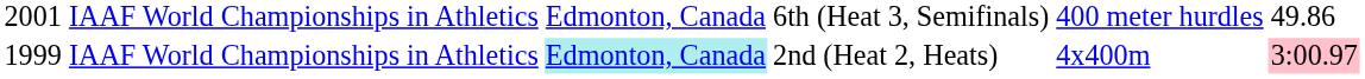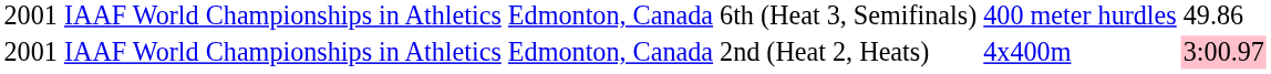 <table>
 <tr>
 <td>2001</td>
 <td><a href='#'>IAAF World Championships in Athletics</a></td>
 <td><a href='#'>Edmonton, Canada</a></td>
 <td>6th (Heat 3, Semifinals)</td>
 <td><a href='#'>400 meter hurdles</a></td>
 <td>49.86</td>
 </tr>
 <tr>
-<td>1999</td>
+<td>2001</td>
 <td><a href='#'>IAAF World Championships in Athletics</a></td>
-<td style="background: paleturquoise;"><a href='#'>Edmonton, Canada</a></td>
+<td><a href='#'>Edmonton, Canada</a></td>
 <td>2nd (Heat 2, Heats)</td>
 <td><a href='#'>4x400m</a></td>
 <td style="background: pink;">3:00.97</td>
 </tr>
 </table>
